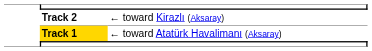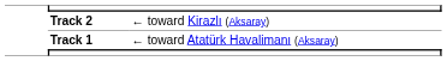 <table cellspacing=0 cellpadding=3>
 <tr>
 <td style="border-top:solid 1px gray;border-bottom:solid 1px gray;vertical-align:top;" width=50 rowspan=4></td>
 <td style="border-top:solid 1px gray;border-right:solid 2px black;border-left:solid 2px black;border-bottom:solid 2px black;text-align:center;" colspan=2></td>
 </tr>
 <tr>
 <td style="border-bottom:solid 1px gray;" width=100><strong>Track 2</strong></td>
 <td style="border-bottom:solid 1px gray;" width=400>←  toward <a href='#'>Kirazlı</a> <small>(<a href='#'>Aksaray</a>)</small></td>
 </tr>
 <tr>
-<td style="background: gold;"><strong>Track 1</strong></td>
+<td><strong>Track 1</strong></td>
 <td>←  toward <a href='#'>Atatürk Havalimanı</a> <small>(<a href='#'>Aksaray</a>)</small></td>
 </tr>
 <tr>
 <td style="border-bottom:solid 1px gray;border-top:solid 2px black;border-right:solid 2px black;border-left:solid 2px black;text-align:center;" colspan=2></td>
 </tr>
 </table>
